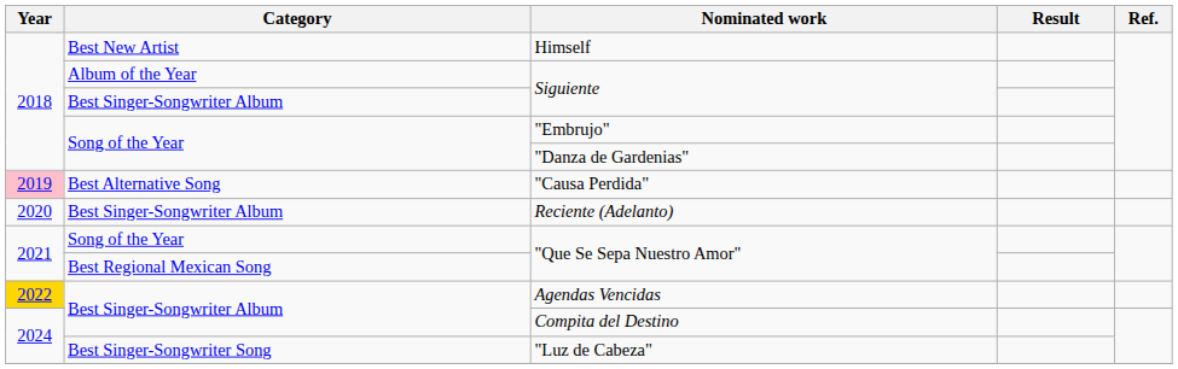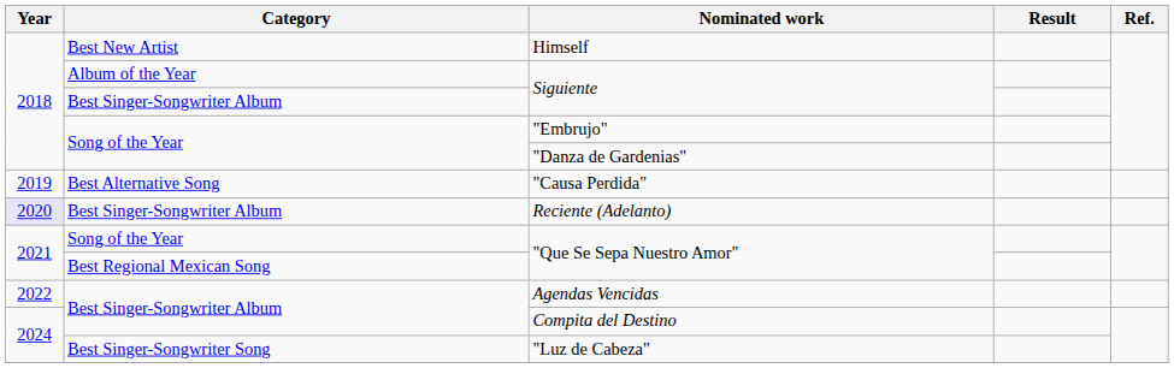 <table class="wikitable" style="width:85%;">
 <tr>
 <th width=5%>Year</th>
 <th style="width:40%;">Category</th>
 <th style="width:40%;">Nominated work</th>
 <th style="width:10%;">Result</th>
 <th style="width:5%;">Ref.</th>
 </tr>
 <tr>
 <td rowspan="5" style="text-align:center;"><a href='#'>2018</a></td>
 <td><a href='#'>Best New Artist</a></td>
 <td>Himself</td>
 <td></td>
 <td rowspan="5"></td>
 </tr>
 <tr>
 <td><a href='#'>Album of the Year</a></td>
 <td rowspan="2"><em>Siguiente</em></td>
 <td></td>
 </tr>
 <tr>
 <td><a href='#'>Best Singer-Songwriter Album</a></td>
 <td></td>
 </tr>
 <tr>
 <td rowspan="2"><a href='#'>Song of the Year</a></td>
 <td>"Embrujo"</td>
 <td></td>
 </tr>
 <tr>
 <td>"Danza de Gardenias" </td>
 <td></td>
 </tr>
 <tr>
-<td style="background: pink; text-align:center;"><a href='#'>2019</a></td>
+<td style="text-align:center;"><a href='#'>2019</a></td>
 <td><a href='#'>Best Alternative Song</a></td>
 <td>"Causa Perdida"</td>
 <td></td>
 <td></td>
 </tr>
 <tr>
-<td style="text-align:center;"><a href='#'>2020</a></td>
+<td style="background: lavender; text-align:center;"><a href='#'>2020</a></td>
 <td><a href='#'>Best Singer-Songwriter Album</a></td>
 <td><em>Reciente (Adelanto)</em></td>
 <td></td>
 <td></td>
 </tr>
 <tr>
 <td rowspan="2" style="text-align:center;"><a href='#'>2021</a></td>
 <td><a href='#'>Song of the Year</a></td>
 <td rowspan="2">"Que Se Sepa Nuestro Amor" </td>
 <td></td>
 <td rowspan="2"></td>
 </tr>
 <tr>
 <td><a href='#'>Best Regional Mexican Song</a></td>
 <td></td>
 </tr>
 <tr>
-<td style="background: gold; text-align:center;"><a href='#'>2022</a></td>
+<td style="text-align:center;"><a href='#'>2022</a></td>
 <td rowspan="2"><a href='#'>Best Singer-Songwriter Album</a></td>
 <td><em>Agendas Vencidas</em></td>
 <td></td>
 <td></td>
 </tr>
 <tr>
 <td align="center" rowspan="2"><a href='#'>2024</a></td>
 <td><em>Compita del Destino</em></td>
 <td></td>
 <td rowspan="2" align="center"></td>
 </tr>
 <tr>
 <td><a href='#'>Best Singer-Songwriter Song</a></td>
 <td>"Luz de Cabeza"</td>
 <td></td>
 </tr>
 <tr>
 </tr>
 </table>
